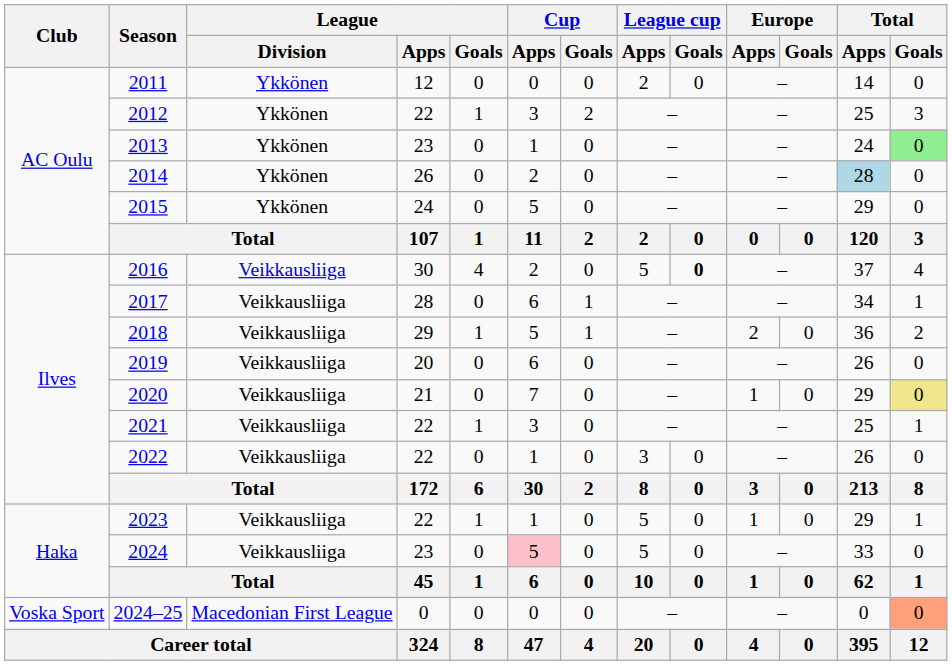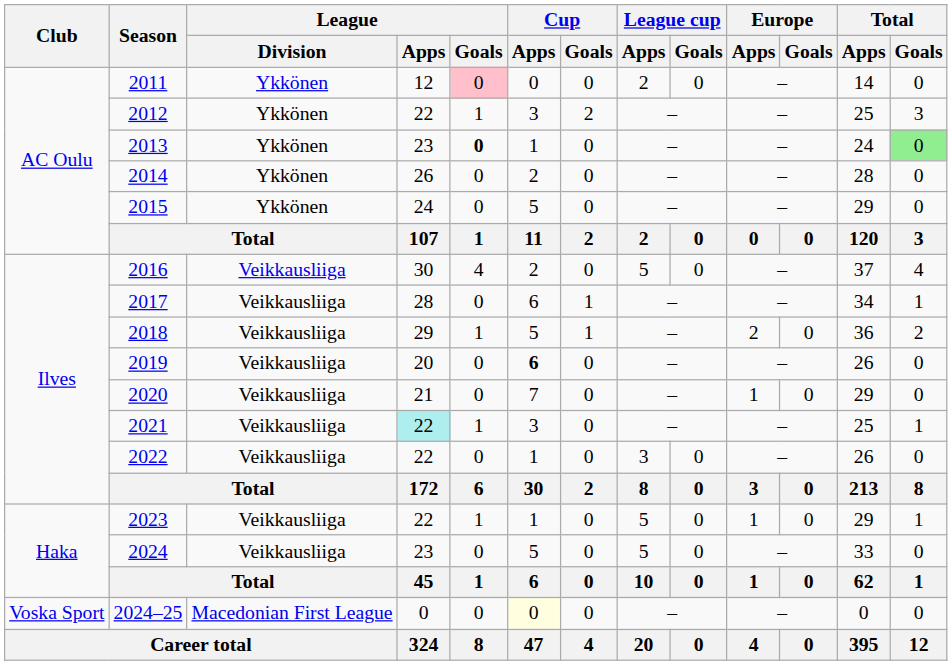 <table class="wikitable" style="text-align:center">
 <tr>
 <th rowspan="2">Club</th>
 <th rowspan="2">Season</th>
 <th colspan="3">League</th>
 <th colspan="2"><a href='#'>Cup</a></th>
 <th colspan="2"><a href='#'>League cup</a></th>
 <th colspan="2">Europe</th>
 <th colspan="2">Total</th>
 </tr>
 <tr>
 <th>Division</th>
 <th>Apps</th>
 <th>Goals</th>
 <th>Apps</th>
 <th>Goals</th>
 <th>Apps</th>
 <th>Goals</th>
 <th>Apps</th>
 <th>Goals</th>
 <th>Apps</th>
 <th>Goals</th>
 </tr>
 <tr>
 <td rowspan="6"><a href='#'>AC Oulu</a></td>
 <td><a href='#'>2011</a></td>
 <td><a href='#'>Ykkönen</a></td>
 <td>12</td>
-<td>0</td>
+<td style="background: pink;">0</td>
 <td>0</td>
 <td>0</td>
 <td>2</td>
 <td>0</td>
 <td colspan=2>–</td>
 <td>14</td>
 <td>0</td>
 </tr>
 <tr>
 <td><a href='#'>2012</a></td>
 <td>Ykkönen</td>
 <td>22</td>
 <td>1</td>
 <td>3</td>
 <td>2</td>
 <td colspan=2>–</td>
 <td colspan=2>–</td>
 <td>25</td>
 <td>3</td>
 </tr>
 <tr>
 <td><a href='#'>2013</a></td>
 <td>Ykkönen</td>
 <td>23</td>
-<td>0</td>
+<td><strong>0</strong></td>
 <td>1</td>
 <td>0</td>
 <td colspan=2>–</td>
 <td colspan=2>–</td>
 <td>24</td>
 <td style="background: lightgreen;">0</td>
 </tr>
 <tr>
 <td><a href='#'>2014</a></td>
 <td>Ykkönen</td>
 <td>26</td>
 <td>0</td>
 <td>2</td>
 <td>0</td>
 <td colspan=2>–</td>
 <td colspan=2>–</td>
-<td style="background: lightblue;">28</td>
+<td>28</td>
 <td>0</td>
 </tr>
 <tr>
 <td><a href='#'>2015</a></td>
 <td>Ykkönen</td>
 <td>24</td>
 <td>0</td>
 <td>5</td>
 <td>0</td>
 <td colspan=2>–</td>
 <td colspan=2>–</td>
 <td>29</td>
 <td>0</td>
 </tr>
 <tr>
 <th colspan=2>Total</th>
 <th>107</th>
 <th>1</th>
 <th>11</th>
 <th>2</th>
 <th>2</th>
 <th>0</th>
 <th>0</th>
 <th>0</th>
 <th>120</th>
 <th>3</th>
 </tr>
 <tr>
 <td rowspan=8><a href='#'>Ilves</a></td>
 <td><a href='#'>2016</a></td>
 <td><a href='#'>Veikkausliiga</a></td>
 <td>30</td>
 <td>4</td>
 <td>2</td>
 <td>0</td>
 <td>5</td>
-<td><strong>0</strong></td>
+<td>0</td>
 <td colspan=2>–</td>
 <td>37</td>
 <td>4</td>
 </tr>
 <tr>
 <td><a href='#'>2017</a></td>
 <td>Veikkausliiga</td>
 <td>28</td>
 <td>0</td>
 <td>6</td>
 <td>1</td>
 <td colspan=2>–</td>
 <td colspan=2>–</td>
 <td>34</td>
 <td>1</td>
 </tr>
 <tr>
 <td><a href='#'>2018</a></td>
 <td>Veikkausliiga</td>
 <td>29</td>
 <td>1</td>
 <td>5</td>
 <td>1</td>
 <td colspan=2>–</td>
 <td>2</td>
 <td>0</td>
 <td>36</td>
 <td>2</td>
 </tr>
 <tr>
 <td><a href='#'>2019</a></td>
 <td>Veikkausliiga</td>
 <td>20</td>
 <td>0</td>
-<td>6</td>
+<td><strong>6</strong></td>
 <td>0</td>
 <td colspan=2>–</td>
 <td colspan=2>–</td>
 <td>26</td>
 <td>0</td>
 </tr>
 <tr>
 <td><a href='#'>2020</a></td>
 <td>Veikkausliiga</td>
 <td>21</td>
 <td>0</td>
 <td>7</td>
 <td>0</td>
 <td colspan=2>–</td>
 <td>1</td>
 <td>0</td>
 <td>29</td>
-<td style="background: khaki;">0</td>
+<td>0</td>
 </tr>
 <tr>
 <td><a href='#'>2021</a></td>
 <td>Veikkausliiga</td>
-<td>22</td>
+<td style="background: paleturquoise;">22</td>
 <td>1</td>
 <td>3</td>
 <td>0</td>
 <td colspan=2>–</td>
 <td colspan=2>–</td>
 <td>25</td>
 <td>1</td>
 </tr>
 <tr>
 <td><a href='#'>2022</a></td>
 <td>Veikkausliiga</td>
 <td>22</td>
 <td>0</td>
 <td>1</td>
 <td>0</td>
 <td>3</td>
 <td>0</td>
 <td colspan=2>–</td>
 <td>26</td>
 <td>0</td>
 </tr>
 <tr>
 <th colspan=2>Total</th>
 <th>172</th>
 <th>6</th>
 <th>30</th>
 <th>2</th>
 <th>8</th>
 <th>0</th>
 <th>3</th>
 <th>0</th>
 <th>213</th>
 <th>8</th>
 </tr>
 <tr>
 <td rowspan=3><a href='#'>Haka</a></td>
 <td><a href='#'>2023</a></td>
 <td>Veikkausliiga</td>
 <td>22</td>
 <td>1</td>
 <td>1</td>
 <td>0</td>
 <td>5</td>
 <td>0</td>
 <td>1</td>
 <td>0</td>
 <td>29</td>
 <td>1</td>
 </tr>
 <tr>
 <td><a href='#'>2024</a></td>
 <td>Veikkausliiga</td>
 <td>23</td>
 <td>0</td>
-<td style="background: pink;">5</td>
+<td>5</td>
 <td>0</td>
 <td>5</td>
 <td>0</td>
 <td colspan=2>–</td>
 <td>33</td>
 <td>0</td>
 </tr>
 <tr>
 <th colspan=2>Total</th>
 <th>45</th>
 <th>1</th>
 <th>6</th>
 <th>0</th>
 <th>10</th>
 <th>0</th>
 <th>1</th>
 <th>0</th>
 <th>62</th>
 <th>1</th>
 </tr>
 <tr>
 <td><a href='#'>Voska Sport</a></td>
 <td><a href='#'>2024–25</a></td>
 <td><a href='#'>Macedonian First League</a></td>
 <td>0</td>
 <td>0</td>
-<td>0</td>
+<td style="background: lightyellow;">0</td>
 <td>0</td>
 <td colspan=2>–</td>
 <td colspan=2>–</td>
 <td>0</td>
-<td style="background: lightsalmon;">0</td>
+<td>0</td>
 </tr>
 <tr>
 <th colspan="3">Career total</th>
 <th>324</th>
 <th>8</th>
 <th>47</th>
 <th>4</th>
 <th>20</th>
 <th>0</th>
 <th>4</th>
 <th>0</th>
 <th>395</th>
 <th>12</th>
 </tr>
 </table>
